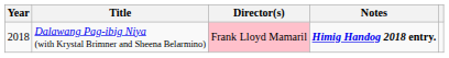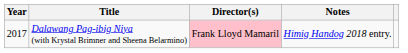 <table class="wikitable plainrowheaders" style="margin-right: 0;">
 <tr>
 <th scope="col">Year</th>
 <th scope="col">Title</th>
 <th scope="col">Director(s)</th>
 <th scope="col">Notes</th>
 <th scope="col"></th>
 </tr>
 <tr>
-<td>2018</td>
+<td>2017</td>
 <td><em><a href='#'>Dalawang Pag-ibig Niya</a></em> <br><small>(with Krystal Brimner and Sheena Belarmino)</small></td>
 <td style="background: pink;">Frank Lloyd Mamaril</td>
-<td><strong><em><a href='#'>Himig Handog</a> 2018</em> entry.</strong></td>
+<td><em><a href='#'>Himig Handog</a> 2018</em> entry.</td>
 <td></td>
 </tr>
 </table>
